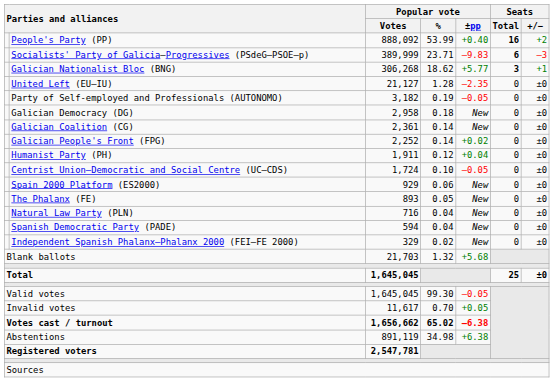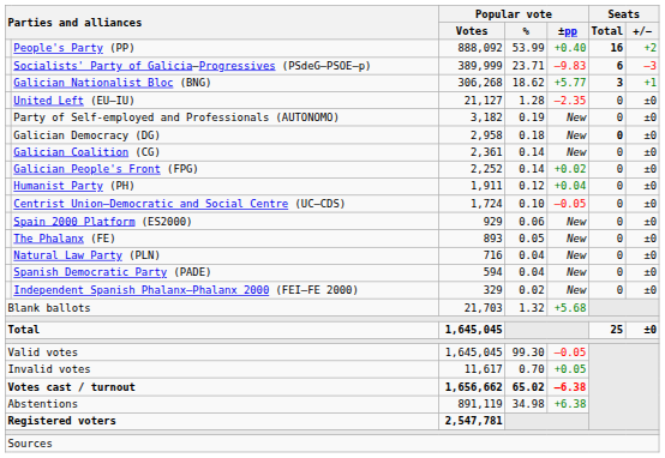 <table class="wikitable" style="text-align:right;">
 <tr>
 <th style="text-align:left;" rowspan="2" colspan="2" width="525">Parties and alliances</th>
 <th colspan="3">Popular vote</th>
 <th colspan="2">Seats</th>
 </tr>
 <tr>
 <th width="75">Votes</th>
 <th width="45">%</th>
 <th width="45">±<a href='#'>pp</a></th>
 <th width="35">Total</th>
 <th width="35">+/−</th>
 </tr>
 <tr>
 <td width="1" style="color:inherit;background:"></td>
 <td align="left"><a href='#'>People's Party</a> (PP)</td>
 <td>888,092</td>
 <td>53.99</td>
 <td style="color:green;">+0.40</td>
 <td><strong>16</strong></td>
 <td style="color:green;">+2</td>
 </tr>
 <tr>
 <td style="color:inherit;background:"></td>
 <td align="left"><a href='#'>Socialists' Party of Galicia</a>–<a href='#'>Progressives</a> (PSdeG–PSOE–p)</td>
 <td>389,999</td>
 <td>23.71</td>
 <td style="color:red;">–9.83</td>
 <td><strong>6</strong></td>
 <td style="color:red;">–3</td>
 </tr>
 <tr>
 <td style="color:inherit;background:"></td>
 <td align="left"><a href='#'>Galician Nationalist Bloc</a> (BNG)</td>
 <td>306,268</td>
 <td>18.62</td>
 <td style="color:green;">+5.77</td>
 <td><strong>3</strong></td>
 <td style="color:green;">+1</td>
 </tr>
 <tr>
 <td style="color:inherit;background:"></td>
 <td align="left"><a href='#'>United Left</a> (EU–IU)</td>
 <td>21,127</td>
 <td>1.28</td>
 <td style="color:red;">–2.35</td>
 <td>0</td>
 <td>±0</td>
 </tr>
 <tr>
 <td style="color:inherit;background:"></td>
 <td align="left">Party of Self-employed and Professionals (AUTONOMO)</td>
 <td>3,182</td>
 <td>0.19</td>
-<td style="color:red;">–0.05</td>
+<td><em>New</em></td>
 <td>0</td>
 <td>±0</td>
 </tr>
 <tr>
 <td style="color:inherit;background:"></td>
 <td align="left">Galician Democracy (DG)</td>
 <td>2,958</td>
 <td>0.18</td>
 <td><em>New</em></td>
-<td>0</td>
+<td><strong>0</strong></td>
 <td>±0</td>
 </tr>
 <tr>
 <td style="color:inherit;background:"></td>
 <td align="left"><a href='#'>Galician Coalition</a> (CG)</td>
 <td>2,361</td>
 <td>0.14</td>
 <td><em>New</em></td>
 <td>0</td>
 <td>±0</td>
 </tr>
 <tr>
 <td style="color:inherit;background:"></td>
 <td align="left"><a href='#'>Galician People's Front</a> (FPG)</td>
 <td>2,252</td>
 <td>0.14</td>
 <td style="color:green;">+0.02</td>
 <td>0</td>
 <td>±0</td>
 </tr>
 <tr>
 <td style="color:inherit;background:"></td>
 <td align="left"><a href='#'>Humanist Party</a> (PH)</td>
 <td>1,911</td>
 <td>0.12</td>
 <td style="color:green;">+0.04</td>
 <td>0</td>
 <td>±0</td>
 </tr>
 <tr>
 <td style="color:inherit;background:"></td>
 <td align="left"><a href='#'>Centrist Union–Democratic and Social Centre</a> (UC–CDS)</td>
 <td>1,724</td>
 <td>0.10</td>
 <td style="color:red;">–0.05</td>
 <td>0</td>
 <td>±0</td>
 </tr>
 <tr>
 <td style="color:inherit;background:"></td>
 <td align="left"><a href='#'>Spain 2000 Platform</a> (ES2000)</td>
 <td>929</td>
 <td>0.06</td>
 <td><em>New</em></td>
 <td>0</td>
 <td>±0</td>
 </tr>
 <tr>
 <td style="color:inherit;background:"></td>
 <td align="left"><a href='#'>The Phalanx</a> (FE)</td>
 <td>893</td>
 <td>0.05</td>
 <td><em>New</em></td>
 <td>0</td>
 <td>±0</td>
 </tr>
 <tr>
 <td style="color:inherit;background:"></td>
 <td align="left"><a href='#'>Natural Law Party</a> (PLN)</td>
 <td>716</td>
 <td>0.04</td>
 <td><em>New</em></td>
 <td>0</td>
 <td>±0</td>
 </tr>
 <tr>
 <td style="color:inherit;background:"></td>
 <td align="left"><a href='#'>Spanish Democratic Party</a> (PADE)</td>
 <td>594</td>
 <td>0.04</td>
 <td><em>New</em></td>
 <td>0</td>
 <td>±0</td>
 </tr>
 <tr>
 <td style="color:inherit;background:"></td>
 <td align="left"><a href='#'>Independent Spanish Phalanx–Phalanx 2000</a> (FEI–FE 2000)</td>
 <td>329</td>
 <td>0.02</td>
 <td><em>New</em></td>
 <td>0</td>
 <td>±0</td>
 </tr>
 <tr>
 <td align="left" colspan="2">Blank ballots</td>
 <td>21,703</td>
 <td>1.32</td>
 <td style="color:green;">+5.68</td>
 <td bgcolor="#E9E9E9" colspan="2"></td>
 </tr>
 <tr>
 <td colspan="7" bgcolor="#E9E9E9"></td>
 </tr>
 <tr style="font-weight:bold;">
 <td align="left" colspan="2">Total</td>
 <td>1,645,045</td>
 <td bgcolor="#E9E9E9" colspan="2"></td>
 <td>25</td>
 <td>±0</td>
 </tr>
 <tr>
 <td colspan="7" bgcolor="#E9E9E9"></td>
 </tr>
 <tr>
 <td align="left" colspan="2">Valid votes</td>
 <td>1,645,045</td>
 <td>99.30</td>
 <td style="color:red;">–0.05</td>
 <td bgcolor="#E9E9E9" colspan="2" rowspan="5"></td>
 </tr>
 <tr>
 <td align="left" colspan="2">Invalid votes</td>
 <td>11,617</td>
 <td>0.70</td>
 <td style="color:green;">+0.05</td>
 </tr>
 <tr style="font-weight:bold;">
 <td align="left" colspan="2">Votes cast / turnout</td>
 <td>1,656,662</td>
 <td>65.02</td>
 <td style="color:red;">–6.38</td>
 </tr>
 <tr>
 <td align="left" colspan="2">Abstentions</td>
 <td>891,119</td>
 <td>34.98</td>
 <td style="color:green;">+6.38</td>
 </tr>
 <tr style="font-weight:bold;">
 <td align="left" colspan="2">Registered voters</td>
 <td>2,547,781</td>
 <td bgcolor="#E9E9E9" colspan="2"></td>
 </tr>
 <tr>
 <td colspan="7" bgcolor="#E9E9E9"></td>
 </tr>
 <tr>
 <td align="left" colspan="7">Sources</td>
 </tr>
 </table>
